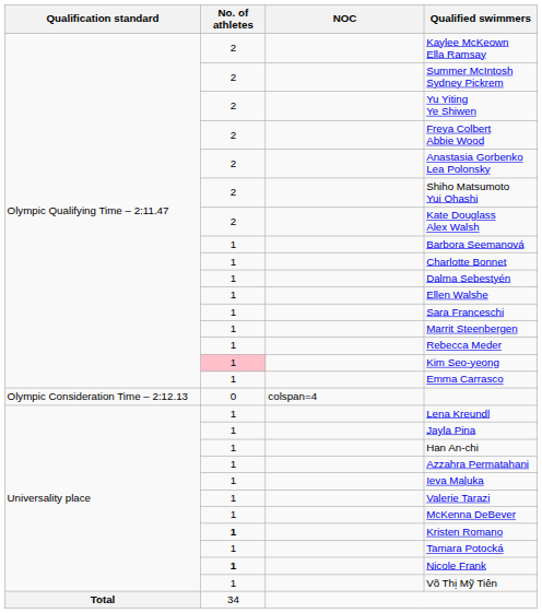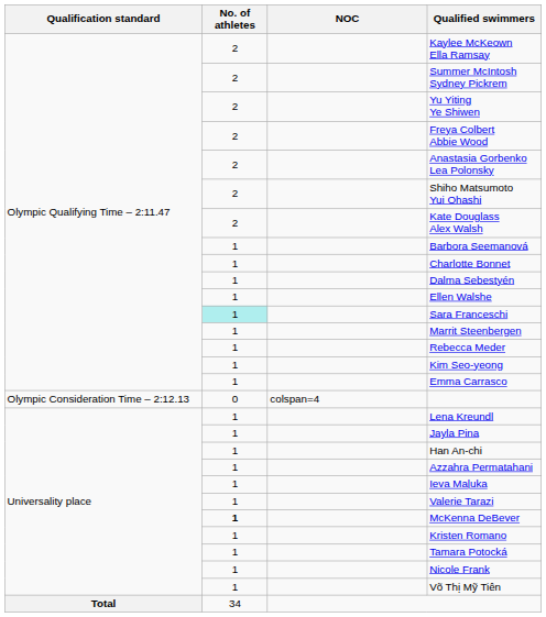 <table class=wikitable style="text-align:left" width=800>
 <tr>
 <th scope="col">Qualification standard</th>
 <th scope="col" width =90>No. of athletes</th>
 <th scope="col" width =230>NOC</th>
 <th scope="col">Qualified swimmers</th>
 </tr>
 <tr>
 <td rowspan=16>Olympic Qualifying Time – 2:11.47</td>
 <td align=center>2</td>
 <td></td>
 <td><a href='#'>Kaylee McKeown</a><br><a href='#'>Ella Ramsay</a></td>
 </tr>
 <tr>
 <td align=center>2</td>
 <td></td>
 <td><a href='#'>Summer McIntosh</a><br><a href='#'>Sydney Pickrem</a></td>
 </tr>
 <tr>
 <td align=center>2</td>
 <td></td>
 <td><a href='#'>Yu Yiting</a><br><a href='#'>Ye Shiwen</a></td>
 </tr>
 <tr>
 <td align=center>2</td>
 <td></td>
 <td><a href='#'>Freya Colbert</a><br><a href='#'>Abbie Wood</a></td>
 </tr>
 <tr>
 <td align=center>2</td>
 <td></td>
 <td><a href='#'>Anastasia Gorbenko</a><br><a href='#'>Lea Polonsky</a></td>
 </tr>
 <tr>
 <td align=center>2</td>
 <td></td>
 <td>Shiho Matsumoto<br><a href='#'>Yui Ohashi</a></td>
 </tr>
 <tr>
 <td align=center>2</td>
 <td></td>
 <td><a href='#'>Kate Douglass</a><br><a href='#'>Alex Walsh</a></td>
 </tr>
 <tr>
 <td align=center>1</td>
 <td></td>
 <td><a href='#'>Barbora Seemanová</a></td>
 </tr>
 <tr>
 <td align=center>1</td>
 <td></td>
 <td><a href='#'>Charlotte Bonnet</a></td>
 </tr>
 <tr>
 <td align=center>1</td>
 <td></td>
 <td><a href='#'>Dalma Sebestyén</a></td>
 </tr>
 <tr>
 <td align=center>1</td>
 <td></td>
 <td><a href='#'>Ellen Walshe</a></td>
 </tr>
 <tr>
-<td align=center>1</td>
+<td align=center style="background: paleturquoise;">1</td>
 <td></td>
 <td><a href='#'>Sara Franceschi</a></td>
 </tr>
 <tr>
 <td align=center>1</td>
 <td></td>
 <td><a href='#'>Marrit Steenbergen</a></td>
 </tr>
 <tr>
 <td align=center>1</td>
 <td></td>
 <td><a href='#'>Rebecca Meder</a></td>
 </tr>
 <tr>
-<td align=center style="background: pink;">1</td>
+<td align=center>1</td>
 <td></td>
 <td><a href='#'>Kim Seo-yeong</a></td>
 </tr>
 <tr>
 <td align=center>1</td>
 <td></td>
 <td><a href='#'>Emma Carrasco</a></td>
 </tr>
 <tr>
 <td>Olympic Consideration Time – 2:12.13</td>
 <td align=center>0</td>
 <td>colspan=4 </td>
 </tr>
 <tr>
 <td rowspan=11>Universality place</td>
 <td align=center>1</td>
 <td></td>
 <td><a href='#'>Lena Kreundl</a></td>
 </tr>
 <tr>
 <td align=center>1</td>
 <td></td>
 <td><a href='#'>Jayla Pina</a></td>
 </tr>
 <tr>
 <td align=center>1</td>
 <td></td>
 <td>Han An-chi</td>
 </tr>
 <tr>
 <td align=center>1</td>
 <td></td>
 <td><a href='#'>Azzahra Permatahani</a></td>
 </tr>
 <tr>
 <td align=center>1</td>
 <td></td>
 <td><a href='#'>Ieva Maļuka</a></td>
 </tr>
 <tr>
 <td align=center>1</td>
 <td></td>
 <td><a href='#'>Valerie Tarazi</a></td>
 </tr>
 <tr>
-<td align=center>1</td>
+<td align=center><strong>1</strong></td>
 <td></td>
 <td><a href='#'>McKenna DeBever</a></td>
 </tr>
 <tr>
-<td align=center><strong>1</strong></td>
+<td align=center>1</td>
 <td></td>
 <td><a href='#'>Kristen Romano</a></td>
 </tr>
 <tr>
 <td align=center>1</td>
 <td></td>
 <td><a href='#'>Tamara Potocká</a></td>
 </tr>
 <tr>
-<td align=center><strong>1</strong></td>
+<td align=center>1</td>
 <td></td>
 <td><a href='#'>Nicole Frank</a></td>
 </tr>
 <tr>
 <td align=center>1</td>
 <td></td>
 <td>Võ Thị Mỹ Tiên</td>
 </tr>
 <tr>
 <th scope="row">Total</th>
 <td align=center>34</td>
 <td colspan=2></td>
 </tr>
 </table>
